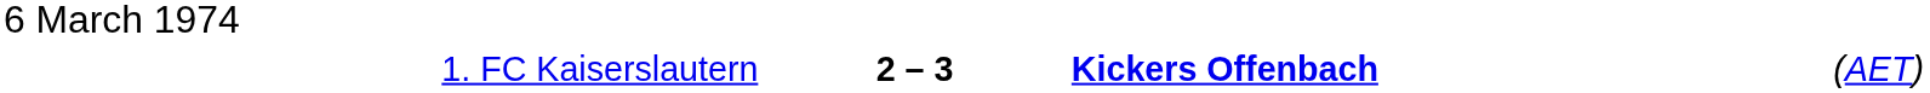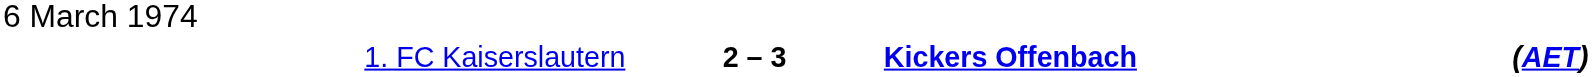 <table width=100% cellspacing=1>
 <tr>
 <th width=25%></th>
 <th width=10%></th>
 <th width=25%></th>
 <th></th>
 </tr>
 <tr>
 <td>6 March 1974</td>
 </tr>
 <tr style=font-size:90%>
 <td align=right><a href='#'>1. FC Kaiserslautern</a></td>
 <td align=center><strong>2 – 3</strong></td>
 <td><strong><a href='#'>Kickers Offenbach</a></strong></td>
-<td><em>(<a href='#'>AET</a>)</em></td>
+<td><strong><em>(<a href='#'>AET</a>)</em></strong></td>
 </tr>
 </table>
